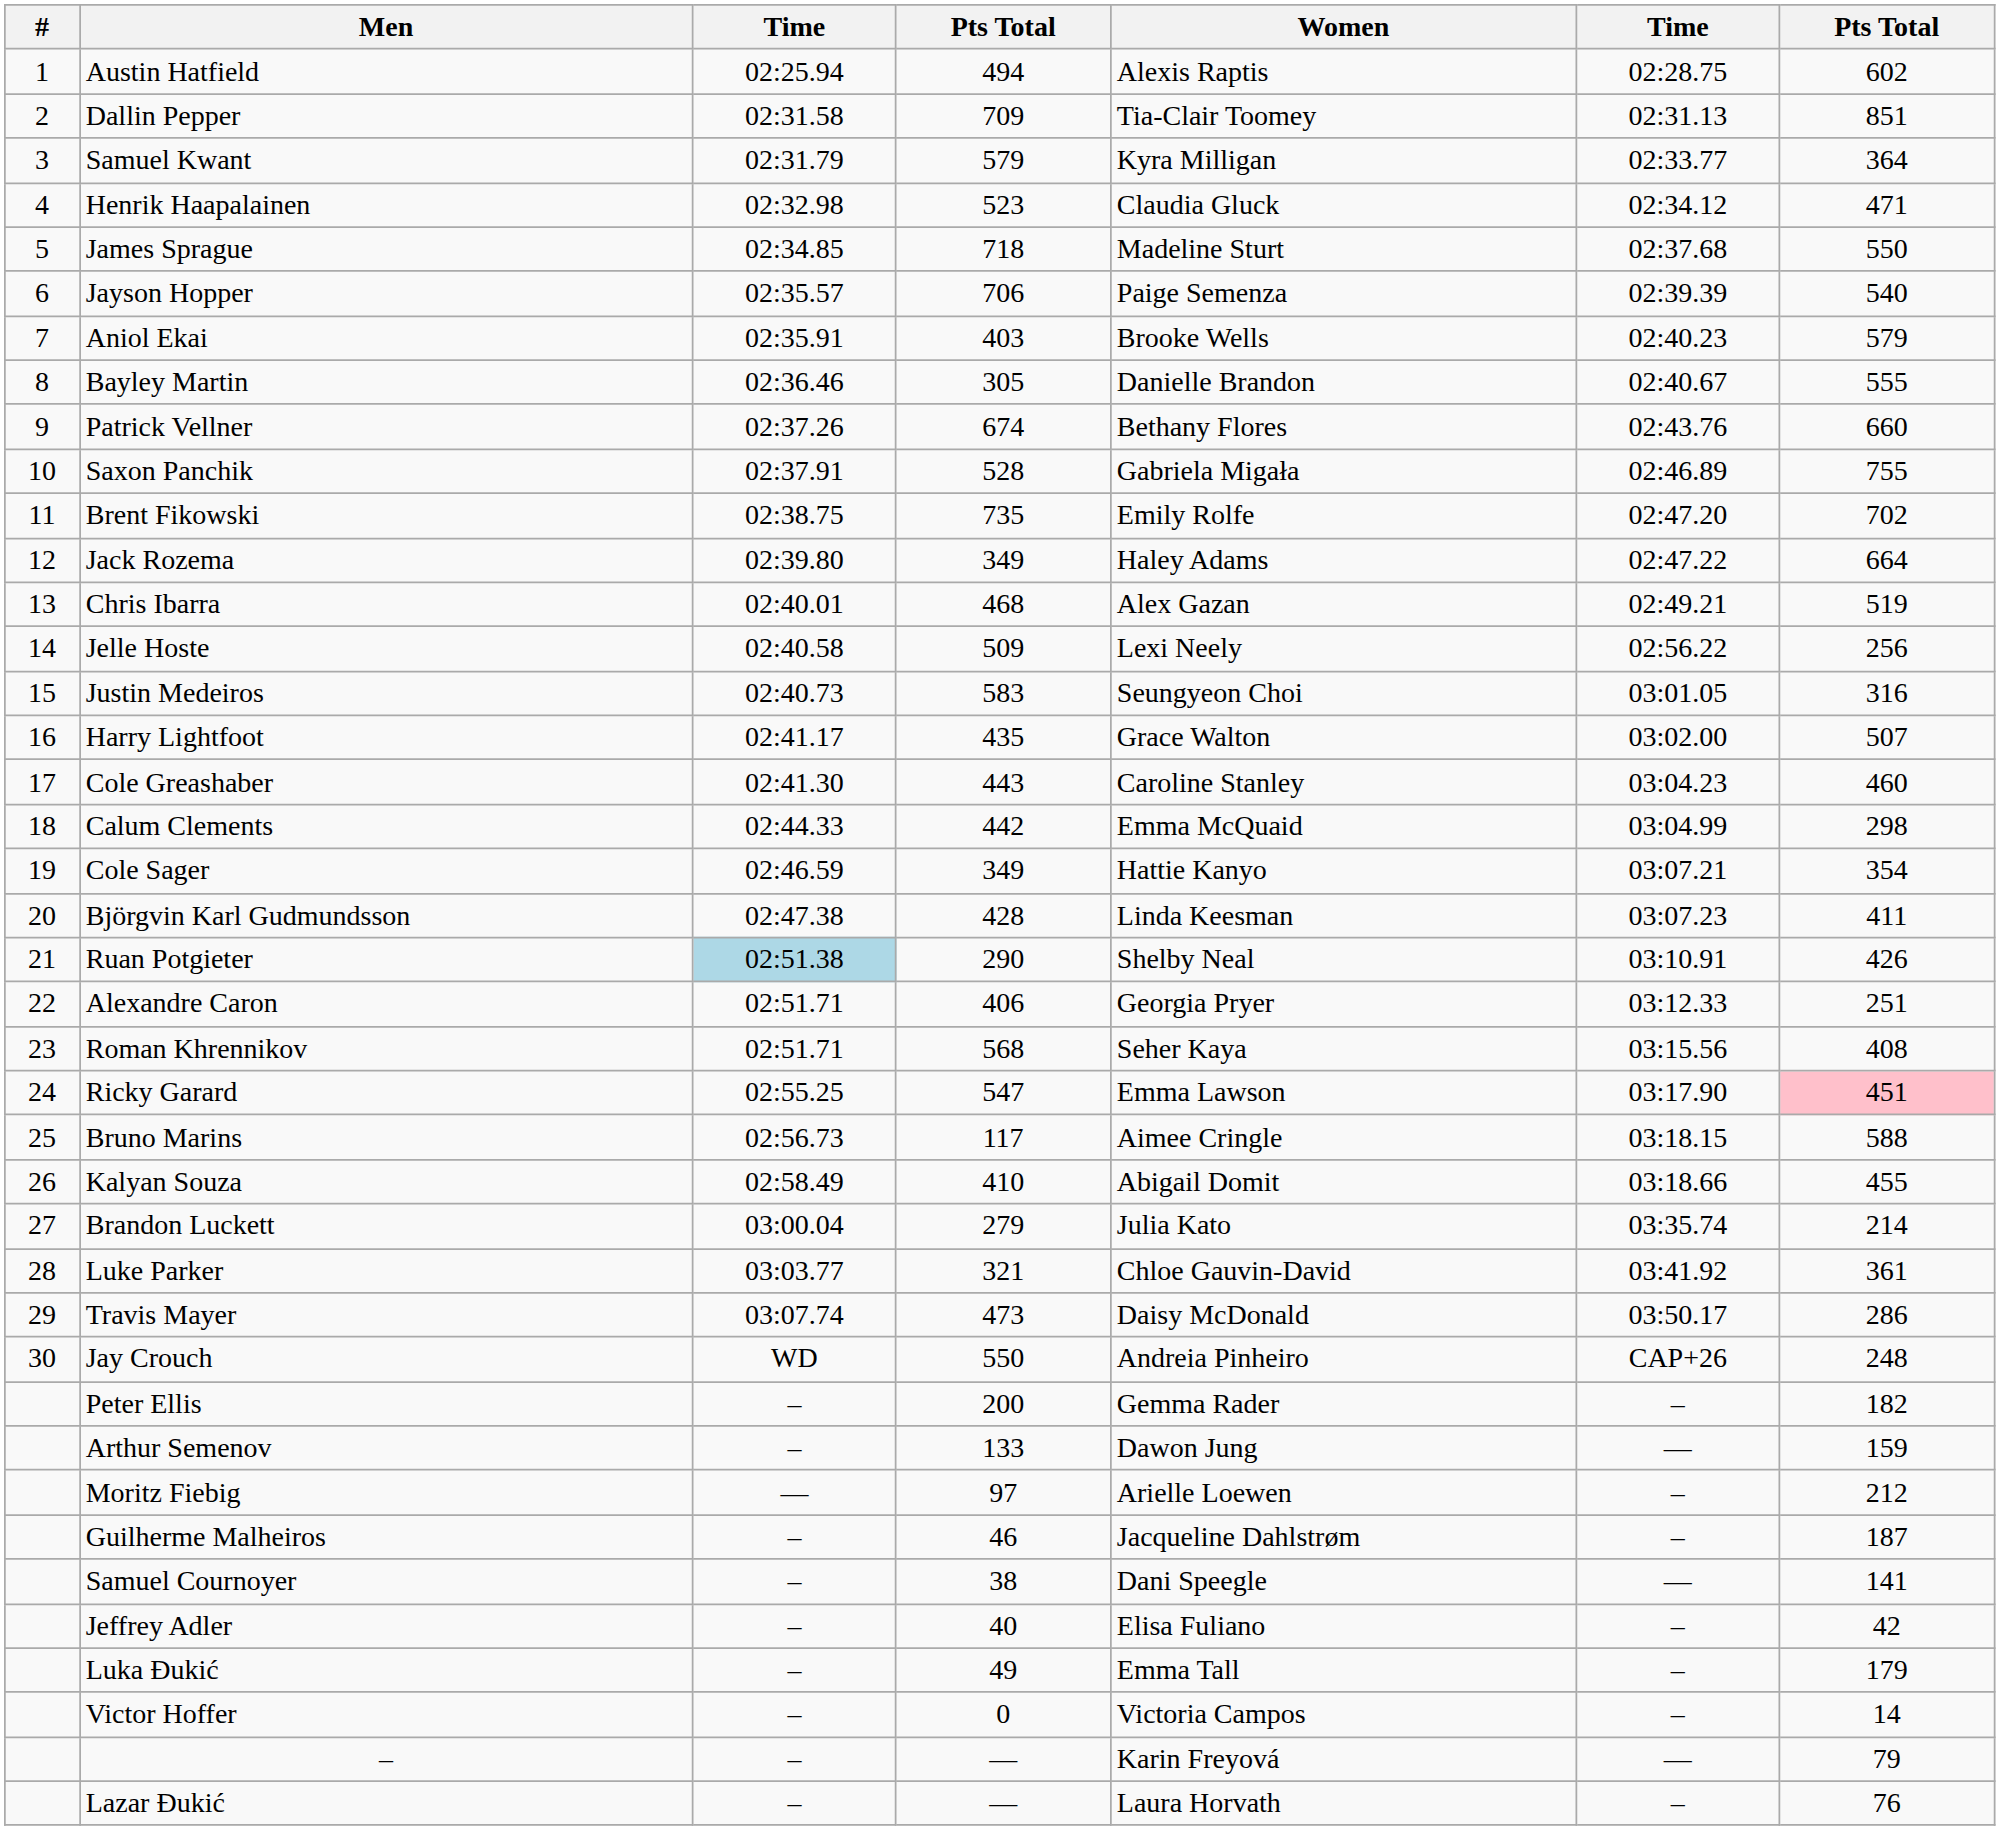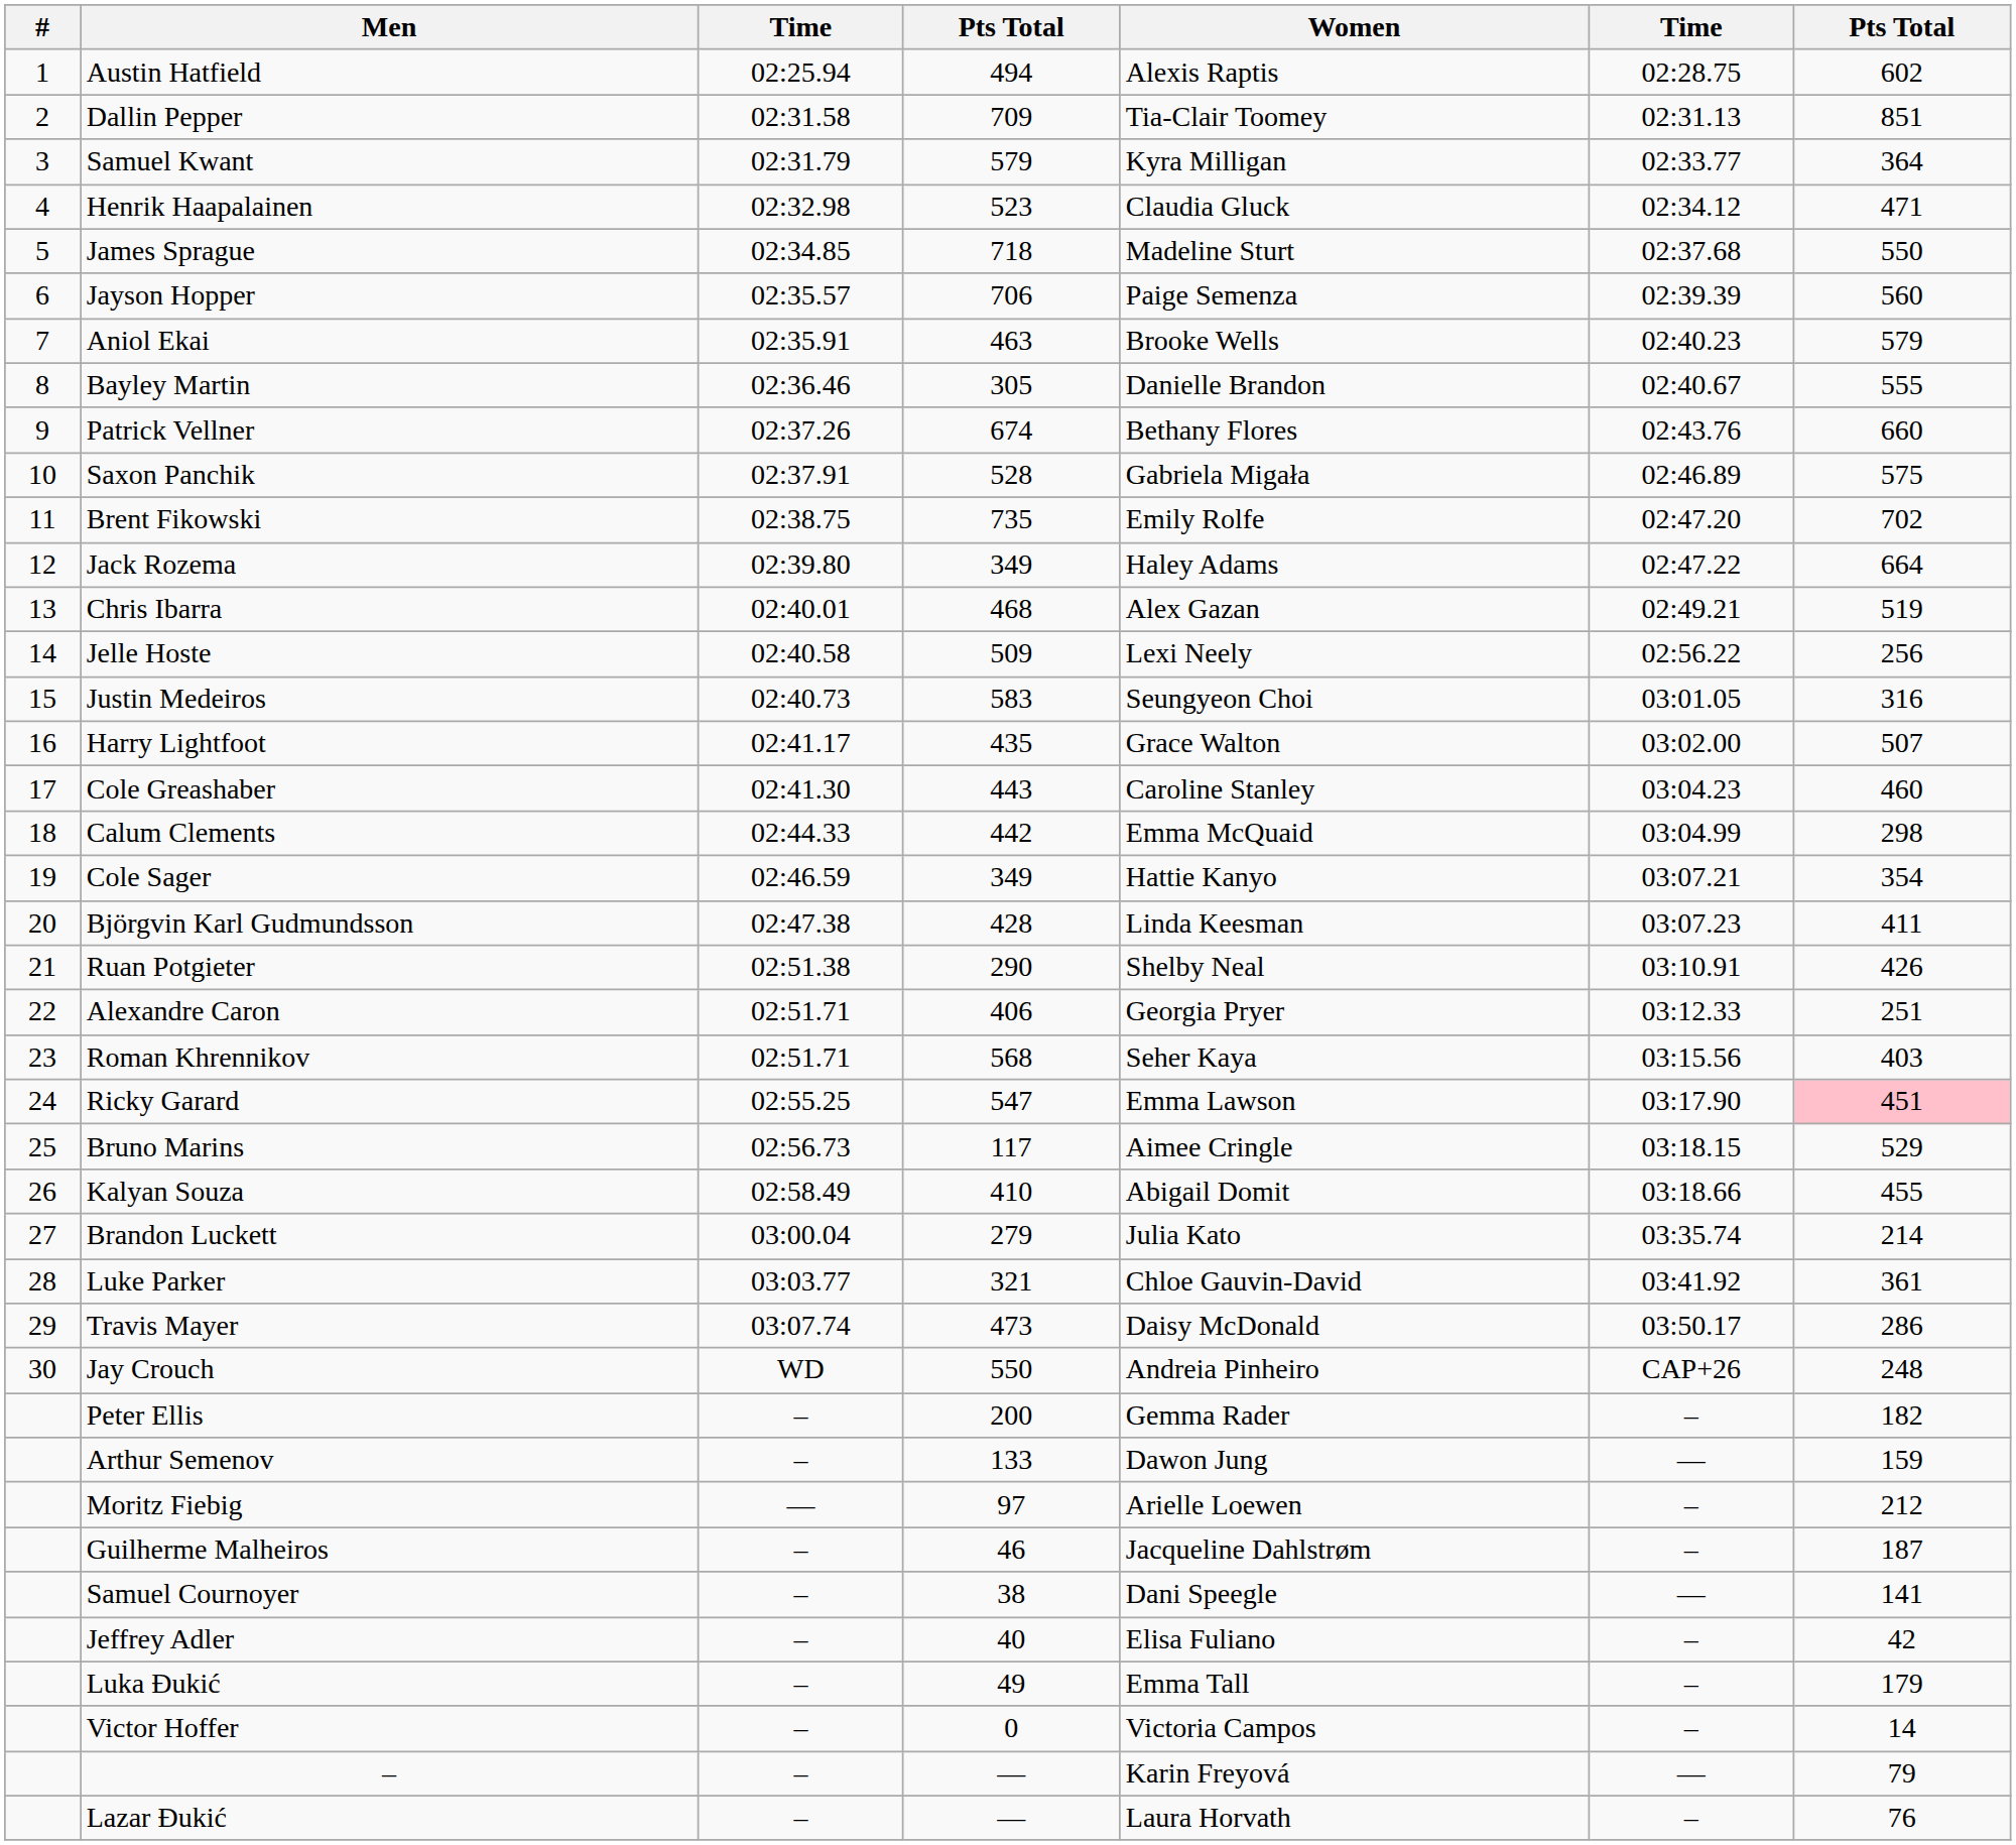 <table class="wikitable sortable" style="display: inline-table;width: 90%; text-align:center">
 <tr>
 <th>#</th>
 <th>Men</th>
 <th>Time</th>
 <th>Pts Total</th>
 <th>Women</th>
 <th>Time</th>
 <th>Pts Total</th>
 </tr>
 <tr>
 <td>1</td>
 <td align=left> Austin Hatfield</td>
 <td>02:25.94</td>
 <td>494</td>
 <td align=left> Alexis Raptis</td>
 <td>02:28.75</td>
 <td>602</td>
 </tr>
 <tr>
 <td>2</td>
 <td align=left> Dallin Pepper</td>
 <td>02:31.58</td>
 <td>709</td>
 <td align=left> Tia-Clair Toomey</td>
 <td>02:31.13</td>
 <td>851</td>
 </tr>
 <tr>
 <td>3</td>
 <td align=left> Samuel Kwant</td>
 <td>02:31.79</td>
 <td>579</td>
 <td align=left> Kyra Milligan</td>
 <td>02:33.77</td>
 <td>364</td>
 </tr>
 <tr>
 <td>4</td>
 <td align=left> Henrik Haapalainen</td>
 <td>02:32.98</td>
 <td>523</td>
 <td align=left> Claudia Gluck</td>
 <td>02:34.12</td>
 <td>471</td>
 </tr>
 <tr>
 <td>5</td>
 <td align=left> James Sprague</td>
 <td>02:34.85</td>
 <td>718</td>
 <td align=left> Madeline Sturt</td>
 <td>02:37.68</td>
 <td>550</td>
 </tr>
 <tr>
 <td>6</td>
 <td align=left> Jayson Hopper</td>
 <td>02:35.57</td>
 <td>706</td>
 <td align=left> Paige Semenza</td>
 <td>02:39.39</td>
-<td>540</td>
+<td>560</td>
 </tr>
 <tr>
 <td>7</td>
 <td align=left> Aniol Ekai</td>
 <td>02:35.91</td>
-<td>403</td>
+<td>463</td>
 <td align=left> Brooke Wells</td>
 <td>02:40.23</td>
 <td>579</td>
 </tr>
 <tr>
 <td>8</td>
 <td align=left> Bayley Martin</td>
 <td>02:36.46</td>
 <td>305</td>
 <td align=left> Danielle Brandon</td>
 <td>02:40.67</td>
 <td>555</td>
 </tr>
 <tr>
 <td>9</td>
 <td align=left> Patrick Vellner</td>
 <td>02:37.26</td>
 <td>674</td>
 <td align=left> Bethany Flores</td>
 <td>02:43.76</td>
 <td>660</td>
 </tr>
 <tr>
 <td>10</td>
 <td align=left> Saxon Panchik</td>
 <td>02:37.91</td>
 <td>528</td>
 <td align=left> Gabriela Migała</td>
 <td>02:46.89</td>
-<td>755</td>
+<td>575</td>
 </tr>
 <tr>
 <td>11</td>
 <td align=left> Brent Fikowski</td>
 <td>02:38.75</td>
 <td>735</td>
 <td align=left> Emily Rolfe</td>
 <td>02:47.20</td>
 <td>702</td>
 </tr>
 <tr>
 <td>12</td>
 <td align=left> Jack Rozema</td>
 <td>02:39.80</td>
 <td>349</td>
 <td align=left> Haley Adams</td>
 <td>02:47.22</td>
 <td>664</td>
 </tr>
 <tr>
 <td>13</td>
 <td align=left> Chris Ibarra</td>
 <td>02:40.01</td>
 <td>468</td>
 <td align=left> Alex Gazan</td>
 <td>02:49.21</td>
 <td>519</td>
 </tr>
 <tr>
 <td>14</td>
 <td align=left> Jelle Hoste</td>
 <td>02:40.58</td>
 <td>509</td>
 <td align=left> Lexi Neely</td>
 <td>02:56.22</td>
 <td>256</td>
 </tr>
 <tr>
 <td>15</td>
 <td align=left> Justin Medeiros</td>
 <td>02:40.73</td>
 <td>583</td>
 <td align=left> Seungyeon Choi</td>
 <td>03:01.05</td>
 <td>316</td>
 </tr>
 <tr>
 <td>16</td>
 <td align=left> Harry Lightfoot</td>
 <td>02:41.17</td>
 <td>435</td>
 <td align=left> Grace Walton</td>
 <td>03:02.00</td>
 <td>507</td>
 </tr>
 <tr>
 <td>17</td>
 <td align=left> Cole Greashaber</td>
 <td>02:41.30</td>
 <td>443</td>
 <td align=left> Caroline Stanley</td>
 <td>03:04.23</td>
 <td>460</td>
 </tr>
 <tr>
 <td>18</td>
 <td align=left> Calum Clements</td>
 <td>02:44.33</td>
 <td>442</td>
 <td align=left> Emma McQuaid</td>
 <td>03:04.99</td>
 <td>298</td>
 </tr>
 <tr>
 <td>19</td>
 <td align=left> Cole Sager</td>
 <td>02:46.59</td>
 <td>349</td>
 <td align=left> Hattie Kanyo</td>
 <td>03:07.21</td>
 <td>354</td>
 </tr>
 <tr>
 <td>20</td>
 <td align=left> Björgvin Karl Gudmundsson</td>
 <td>02:47.38</td>
 <td>428</td>
 <td align=left> Linda Keesman</td>
 <td>03:07.23</td>
 <td>411</td>
 </tr>
 <tr>
 <td>21</td>
 <td align=left> Ruan Potgieter</td>
-<td style="background: lightblue;">02:51.38</td>
+<td>02:51.38</td>
 <td>290</td>
 <td align=left> Shelby Neal</td>
 <td>03:10.91</td>
 <td>426</td>
 </tr>
 <tr>
 <td>22</td>
 <td align=left> Alexandre Caron</td>
 <td>02:51.71</td>
 <td>406</td>
 <td align=left> Georgia Pryer</td>
 <td>03:12.33</td>
 <td>251</td>
 </tr>
 <tr>
 <td>23</td>
 <td align=left> Roman Khrennikov</td>
 <td>02:51.71</td>
 <td>568</td>
 <td align=left> Seher Kaya</td>
 <td>03:15.56</td>
-<td>408</td>
+<td>403</td>
 </tr>
 <tr>
 <td>24</td>
 <td align=left> Ricky Garard</td>
 <td>02:55.25</td>
 <td>547</td>
 <td align=left> Emma Lawson</td>
 <td>03:17.90</td>
 <td style="background: pink;">451</td>
 </tr>
 <tr>
 <td>25</td>
 <td align=left> Bruno Marins</td>
 <td>02:56.73</td>
 <td>117</td>
 <td align=left> Aimee Cringle</td>
 <td>03:18.15</td>
-<td>588</td>
+<td>529</td>
 </tr>
 <tr>
 <td>26</td>
 <td align=left> Kalyan Souza</td>
 <td>02:58.49</td>
 <td>410</td>
 <td align=left> Abigail Domit</td>
 <td>03:18.66</td>
 <td>455</td>
 </tr>
 <tr>
 <td>27</td>
 <td align=left> Brandon Luckett</td>
 <td>03:00.04</td>
 <td>279</td>
 <td align=left> Julia Kato</td>
 <td>03:35.74</td>
 <td>214</td>
 </tr>
 <tr>
 <td>28</td>
 <td align=left> Luke Parker</td>
 <td>03:03.77</td>
 <td>321</td>
 <td align=left> Chloe Gauvin-David</td>
 <td>03:41.92</td>
 <td>361</td>
 </tr>
 <tr>
 <td>29</td>
 <td align=left> Travis Mayer</td>
 <td>03:07.74</td>
 <td>473</td>
 <td align=left> Daisy McDonald</td>
 <td>03:50.17</td>
 <td>286</td>
 </tr>
 <tr>
 <td>30</td>
 <td align=left> Jay Crouch</td>
 <td>WD</td>
 <td>550</td>
 <td align=left> Andreia Pinheiro</td>
 <td>CAP+26</td>
 <td>248</td>
 </tr>
 <tr>
 <td></td>
 <td align=left> Peter Ellis</td>
 <td>–</td>
 <td>200</td>
 <td align=left> Gemma Rader</td>
 <td>–</td>
 <td>182</td>
 </tr>
 <tr>
 <td></td>
 <td align=left> Arthur Semenov</td>
 <td>–</td>
 <td>133</td>
 <td align=left> Dawon Jung</td>
 <td>—</td>
 <td>159</td>
 </tr>
 <tr>
 <td></td>
 <td align=left> Moritz Fiebig</td>
 <td>—</td>
 <td>97</td>
 <td align=left> Arielle Loewen</td>
 <td>–</td>
 <td>212</td>
 </tr>
 <tr>
 <td></td>
 <td align=left> Guilherme Malheiros</td>
 <td>–</td>
 <td>46</td>
 <td align=left> Jacqueline Dahlstrøm</td>
 <td>–</td>
 <td>187</td>
 </tr>
 <tr>
 <td></td>
 <td align=left> Samuel Cournoyer</td>
 <td>–</td>
 <td>38</td>
 <td align=left> Dani Speegle</td>
 <td>—</td>
 <td>141</td>
 </tr>
 <tr>
 <td></td>
 <td align=left> Jeffrey Adler</td>
 <td>–</td>
 <td>40</td>
 <td align=left> Elisa Fuliano</td>
 <td>–</td>
 <td>42</td>
 </tr>
 <tr>
 <td></td>
 <td align=left> Luka Đukić</td>
 <td>–</td>
 <td>49</td>
 <td align=left> Emma Tall</td>
 <td>–</td>
 <td>179</td>
 </tr>
 <tr>
 <td></td>
 <td align=left> Victor Hoffer</td>
 <td>–</td>
 <td>0</td>
 <td align=left> Victoria Campos</td>
 <td>–</td>
 <td>14</td>
 </tr>
 <tr>
 <td></td>
 <td>–</td>
 <td>–</td>
 <td>—</td>
 <td align=left> Karin Freyová</td>
 <td>—</td>
 <td>79</td>
 </tr>
 <tr>
 <td></td>
 <td align=left> Lazar Đukić</td>
 <td>–</td>
 <td>—</td>
 <td align=left> Laura Horvath</td>
 <td>–</td>
 <td>76</td>
 </tr>
 </table>
